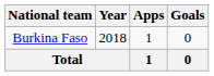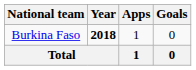 <table class="wikitable" style="text-align:center">
 <tr>
 <th>National team</th>
 <th>Year</th>
 <th>Apps</th>
 <th>Goals</th>
 </tr>
 <tr>
 <td><a href='#'>Burkina Faso</a></td>
-<td>2018</td>
+<td><strong>2018</strong></td>
 <td>1</td>
 <td>0</td>
 </tr>
 <tr>
 <th colspan=2>Total</th>
 <th>1</th>
 <th>0</th>
 </tr>
 </table>
